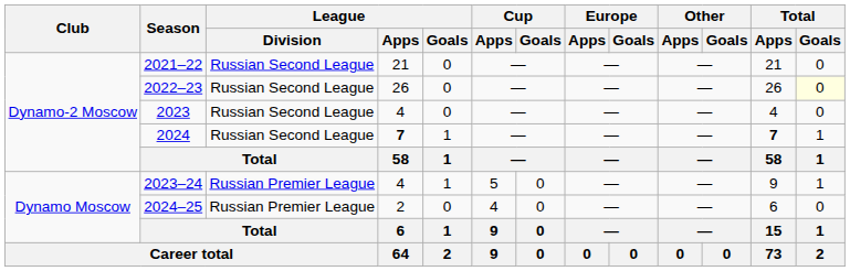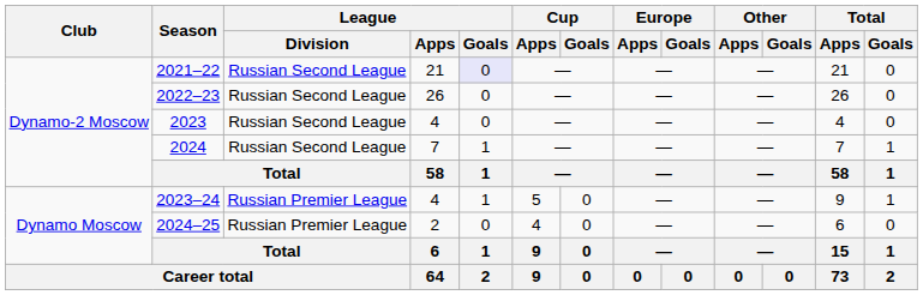 <table class="wikitable" style="text-align: center;">
 <tr>
 <th rowspan="2">Club</th>
 <th rowspan="2">Season</th>
 <th colspan="3">League</th>
 <th colspan="2">Cup</th>
 <th colspan="2">Europe</th>
 <th colspan="2">Other</th>
 <th colspan="2">Total</th>
 </tr>
 <tr>
 <th>Division</th>
 <th>Apps</th>
 <th>Goals</th>
 <th>Apps</th>
 <th>Goals</th>
 <th>Apps</th>
 <th>Goals</th>
 <th>Apps</th>
 <th>Goals</th>
 <th>Apps</th>
 <th>Goals</th>
 </tr>
 <tr>
 <td rowspan="5"><a href='#'>Dynamo-2 Moscow</a></td>
 <td><a href='#'>2021–22</a></td>
 <td><a href='#'>Russian Second League</a></td>
 <td>21</td>
-<td>0</td>
+<td style="background: lavender;">0</td>
 <td colspan="2">—</td>
 <td colspan="2">—</td>
 <td colspan="2">—</td>
 <td>21</td>
 <td>0</td>
 </tr>
 <tr>
 <td><a href='#'>2022–23</a></td>
 <td>Russian Second League</td>
 <td>26</td>
 <td>0</td>
 <td colspan="2">—</td>
 <td colspan="2">—</td>
 <td colspan="2">—</td>
 <td>26</td>
-<td style="background: lightyellow;">0</td>
+<td>0</td>
 </tr>
 <tr>
 <td><a href='#'>2023</a></td>
 <td>Russian Second League</td>
 <td>4</td>
 <td>0</td>
 <td colspan="2">—</td>
 <td colspan="2">—</td>
 <td colspan="2">—</td>
 <td>4</td>
 <td>0</td>
 </tr>
 <tr>
 <td><a href='#'>2024</a></td>
 <td>Russian Second League</td>
-<td><strong>7</strong></td>
+<td>7</td>
 <td>1</td>
 <td colspan="2">—</td>
 <td colspan="2">—</td>
 <td colspan="2">—</td>
-<td><strong>7</strong></td>
+<td>7</td>
 <td>1</td>
 </tr>
 <tr>
 <th colspan="2">Total</th>
 <th>58</th>
 <th>1</th>
 <th colspan="2">—</th>
 <th colspan="2">—</th>
 <th colspan="2">—</th>
 <th>58</th>
 <th>1</th>
 </tr>
 <tr>
 <td rowspan="3"><a href='#'>Dynamo Moscow</a></td>
 <td><a href='#'>2023–24</a></td>
 <td><a href='#'>Russian Premier League</a></td>
 <td>4</td>
 <td>1</td>
 <td>5</td>
 <td>0</td>
 <td colspan="2">—</td>
 <td colspan="2">—</td>
 <td>9</td>
 <td>1</td>
 </tr>
 <tr>
 <td><a href='#'>2024–25</a></td>
 <td>Russian Premier League</td>
 <td>2</td>
 <td>0</td>
 <td>4</td>
 <td>0</td>
 <td colspan="2">—</td>
 <td colspan="2">—</td>
 <td>6</td>
 <td>0</td>
 </tr>
 <tr>
 <th colspan="2">Total</th>
 <th>6</th>
 <th>1</th>
 <th>9</th>
 <th>0</th>
 <th colspan="2">—</th>
 <th colspan="2">—</th>
 <th>15</th>
 <th>1</th>
 </tr>
 <tr>
 <th colspan="3">Career total</th>
 <th>64</th>
 <th>2</th>
 <th>9</th>
 <th>0</th>
 <th>0</th>
 <th>0</th>
 <th>0</th>
 <th>0</th>
 <th>73</th>
 <th>2</th>
 </tr>
 </table>
